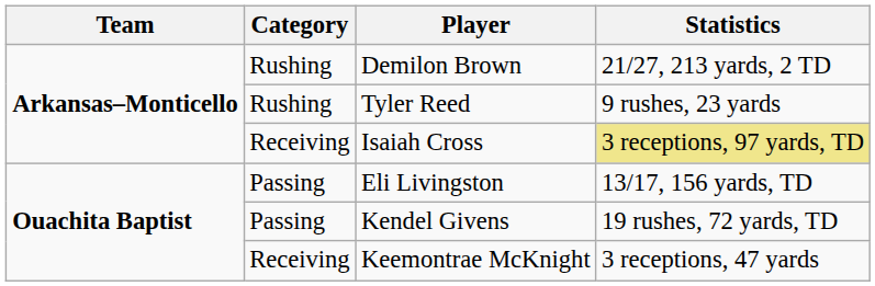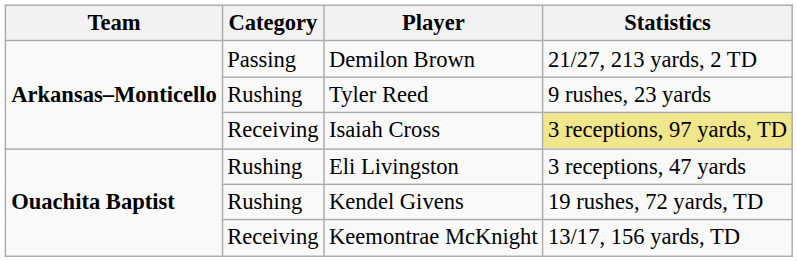 <table class="wikitable" style="float: right;">
 <tr>
 <th>Team</th>
 <th>Category</th>
 <th>Player</th>
 <th>Statistics</th>
 </tr>
 <tr>
 <td rowspan=3><strong>Arkansas–Monticello</strong></td>
-<td>Rushing</td>
+<td>Passing</td>
 <td>Demilon Brown</td>
 <td>21/27, 213 yards, 2 TD</td>
 </tr>
 <tr>
 <td>Rushing</td>
 <td>Tyler Reed</td>
 <td>9 rushes, 23 yards</td>
 </tr>
 <tr>
 <td>Receiving</td>
 <td>Isaiah Cross</td>
 <td style="background: khaki;">3 receptions, 97 yards, TD</td>
 </tr>
 <tr>
 <td rowspan=3><strong>Ouachita Baptist</strong></td>
-<td>Passing</td>
+<td>Rushing</td>
 <td>Eli Livingston</td>
-<td>13/17, 156 yards, TD</td>
+<td>3 receptions, 47 yards</td>
 </tr>
 <tr>
-<td>Passing</td>
+<td>Rushing</td>
 <td>Kendel Givens</td>
 <td>19 rushes, 72 yards, TD</td>
 </tr>
 <tr>
 <td>Receiving</td>
 <td>Keemontrae McKnight</td>
-<td>3 receptions, 47 yards</td>
+<td>13/17, 156 yards, TD</td>
 </tr>
 </table>
